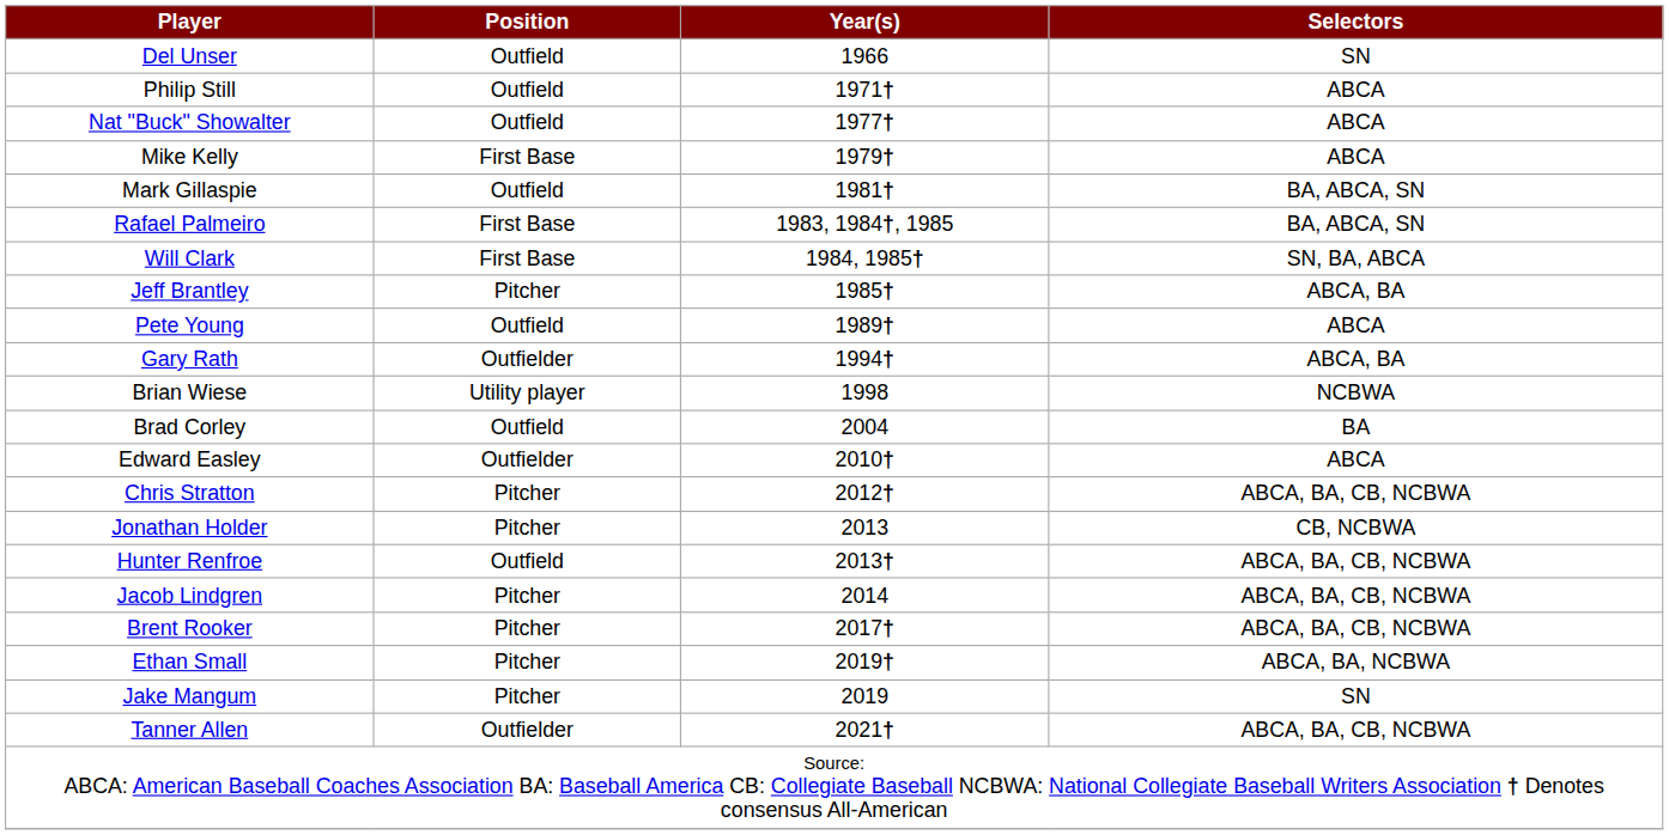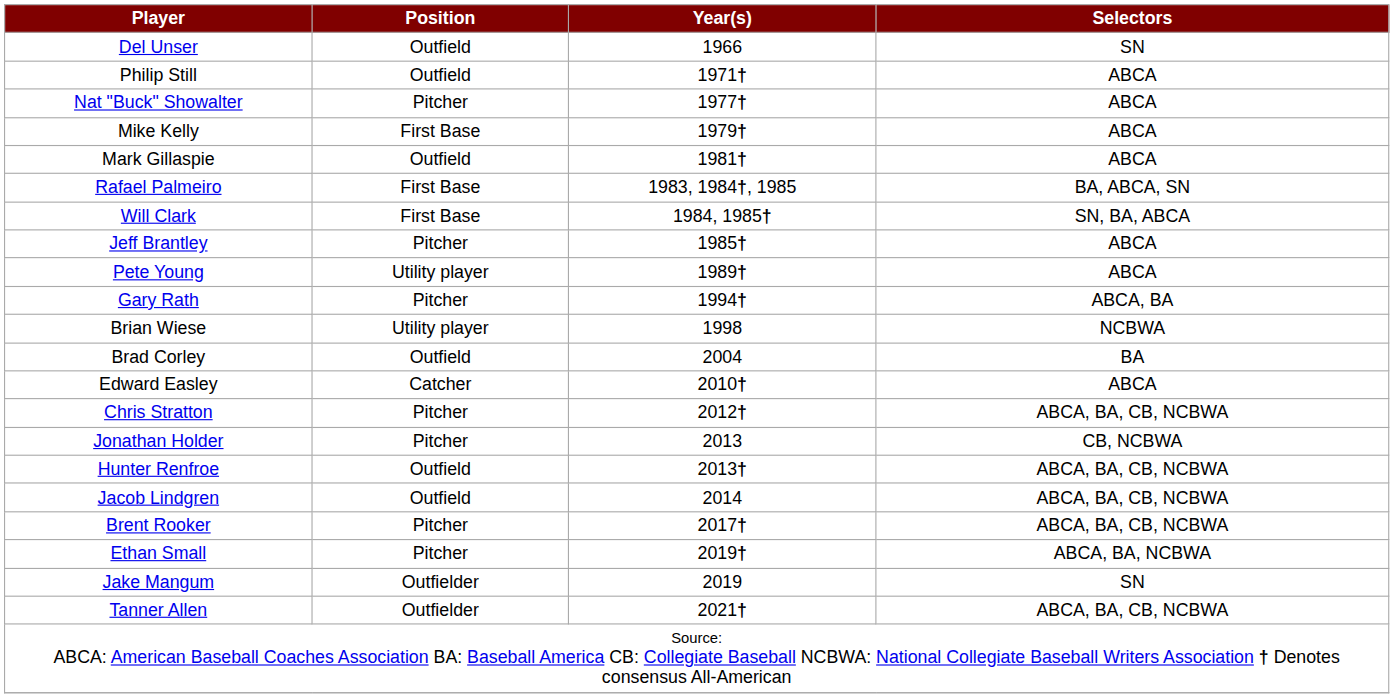 <table class="wikitable" style="background:white; min-width:70%">
 <tr>
 <th style="background: maroon; color:white; width:18%">Player</th>
 <th style="background: maroon; color:white; width:15%">Position</th>
 <th style="background: maroon; color:white; width:18%">Year(s)</th>
 <th style="background: maroon; color:white; width:30%">Selectors</th>
 </tr>
 <tr align="center">
 <td><a href='#'>Del Unser</a></td>
 <td>Outfield</td>
 <td>1966</td>
 <td>SN</td>
 </tr>
 <tr align="center">
 <td>Philip Still</td>
 <td>Outfield</td>
 <td>1971<strong>†</strong></td>
 <td>ABCA</td>
 </tr>
 <tr align="center">
 <td><a href='#'>Nat "Buck" Showalter</a></td>
-<td>Outfield</td>
+<td>Pitcher</td>
 <td>1977<strong>†</strong></td>
 <td>ABCA</td>
 </tr>
 <tr align="center">
 <td>Mike Kelly</td>
 <td>First Base</td>
 <td>1979<strong>†</strong></td>
 <td>ABCA</td>
 </tr>
 <tr align="center">
 <td>Mark Gillaspie</td>
 <td>Outfield</td>
 <td>1981<strong>†</strong></td>
-<td>BA, ABCA, SN</td>
+<td>ABCA</td>
 </tr>
 <tr align="center">
 <td><a href='#'>Rafael Palmeiro</a></td>
 <td>First Base</td>
 <td>1983, 1984<strong>†</strong>, 1985</td>
 <td>BA, ABCA, SN</td>
 </tr>
 <tr align="center">
 <td><a href='#'>Will Clark</a></td>
 <td>First Base</td>
 <td>1984, 1985<strong>†</strong></td>
 <td>SN, BA, ABCA</td>
 </tr>
 <tr align="center">
 <td><a href='#'>Jeff Brantley</a></td>
 <td>Pitcher</td>
 <td>1985<strong>†</strong></td>
-<td>ABCA, BA</td>
+<td>ABCA</td>
 </tr>
 <tr align="center">
 <td><a href='#'>Pete Young</a></td>
-<td>Outfield</td>
+<td>Utility player</td>
 <td>1989<strong>†</strong></td>
 <td>ABCA</td>
 </tr>
 <tr align="center">
 <td><a href='#'>Gary Rath</a></td>
-<td>Outfielder</td>
+<td>Pitcher</td>
 <td>1994<strong>†</strong></td>
 <td>ABCA, BA</td>
 </tr>
 <tr align="center">
 <td>Brian Wiese</td>
 <td>Utility player</td>
 <td>1998</td>
 <td>NCBWA</td>
 </tr>
 <tr align="center">
 <td>Brad Corley</td>
 <td>Outfield</td>
 <td>2004</td>
 <td>BA</td>
 </tr>
 <tr align="center">
 <td>Edward Easley</td>
-<td>Outfielder</td>
+<td>Catcher</td>
 <td>2010<strong>†</strong></td>
 <td>ABCA</td>
 </tr>
 <tr align="center">
 <td><a href='#'>Chris Stratton</a></td>
 <td>Pitcher</td>
 <td>2012<strong>†</strong></td>
 <td>ABCA, BA, CB, NCBWA</td>
 </tr>
 <tr align="center">
 <td><a href='#'>Jonathan Holder</a></td>
 <td>Pitcher</td>
 <td>2013</td>
 <td>CB, NCBWA</td>
 </tr>
 <tr align="center">
 <td><a href='#'>Hunter Renfroe</a></td>
 <td>Outfield</td>
 <td>2013<strong>†</strong></td>
 <td>ABCA, BA, CB, NCBWA</td>
 </tr>
 <tr align="center">
 <td><a href='#'>Jacob Lindgren</a></td>
-<td>Pitcher</td>
+<td>Outfield</td>
 <td>2014</td>
 <td>ABCA, BA, CB, NCBWA</td>
 </tr>
 <tr align="center">
 <td><a href='#'>Brent Rooker</a></td>
 <td>Pitcher</td>
 <td>2017<strong>†</strong></td>
 <td>ABCA, BA, CB, NCBWA</td>
 </tr>
 <tr align="center">
 <td><a href='#'>Ethan Small</a></td>
 <td>Pitcher</td>
 <td>2019<strong>†</strong></td>
 <td>ABCA, BA, NCBWA</td>
 </tr>
 <tr align="center">
 <td><a href='#'>Jake Mangum</a></td>
-<td>Pitcher</td>
+<td>Outfielder</td>
 <td>2019</td>
 <td>SN</td>
 </tr>
 <tr align="center">
 <td><a href='#'>Tanner Allen</a></td>
 <td>Outfielder</td>
 <td>2021<strong>†</strong></td>
 <td>ABCA, BA, CB, NCBWA</td>
 </tr>
 <tr align="center">
 <td colspan=4><small>Source:</small><br>ABCA: <a href='#'>American Baseball Coaches Association</a> BA: <a href='#'>Baseball America</a> CB: <a href='#'>Collegiate Baseball</a> NCBWA: <a href='#'>National Collegiate Baseball Writers Association</a> <strong>†</strong> Denotes consensus All-American</td>
 </tr>
 <tr>
 </tr>
 </table>
